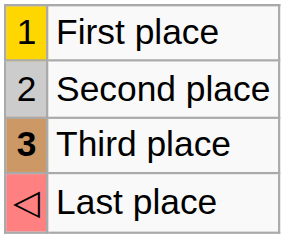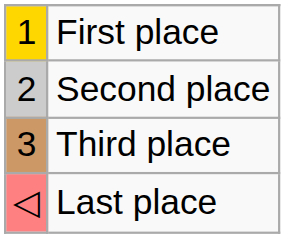 <table class="wikitable">
 <tr>
 </tr>
 <tr>
 <td style="text-align:center; background-color:#FFD700;">1</td>
 <td>First place</td>
 </tr>
 <tr>
 <td style="text-align:center; background-color:#CCC;">2</td>
 <td>Second place</td>
 </tr>
 <tr>
-<td style="text-align:center; background-color:#C96;"><strong>3</strong></td>
+<td style="text-align:center; background-color:#C96;">3</td>
 <td>Third place</td>
 </tr>
 <tr>
 <td style="text-align:center; background-color:#FE8080;">◁</td>
 <td>Last place</td>
 </tr>
 </table>
